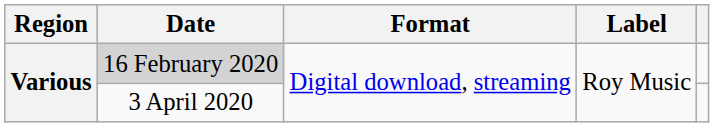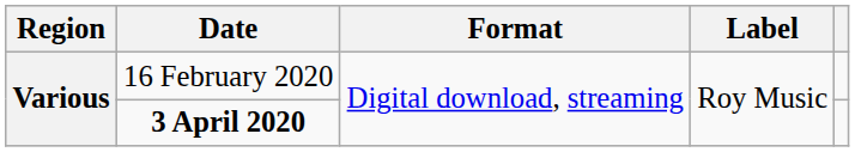 <table class="wikitable plainrowheaders" style="text-align:center">
 <tr>
 <th>Region</th>
 <th>Date</th>
 <th>Format</th>
 <th>Label</th>
 <th></th>
 </tr>
 <tr>
 <th scope="row" rowspan="2">Various</th>
-<td style="background: lightgrey;">16 February 2020</td>
+<td>16 February 2020</td>
 <td rowspan="2"><a href='#'>Digital download</a>, <a href='#'>streaming</a></td>
 <td rowspan="2">Roy Music</td>
 <td></td>
 </tr>
 <tr>
-<td>3 April 2020</td>
+<td><strong>3 April 2020</strong></td>
 <td></td>
 </tr>
 </table>
